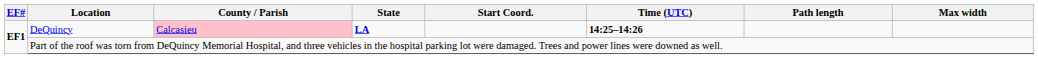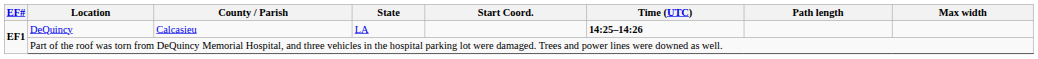 <table class="wikitable sortable" style="width:100%;">
 <tr>
 <th scope="col" width="2%" align="center"><a href='#'>EF#</a></th>
 <th scope="col" align="center" class="unsortable">Location</th>
 <th scope="col" align="center" class="unsortable">County / Parish</th>
 <th scope="col" align="center">State</th>
 <th scope="col" align="center" data-sort-type="number">Start Coord.</th>
 <th scope="col" align="center" data-sort-type="number">Time (<a href='#'>UTC</a>)</th>
 <th scope="col" align="center" data-sort-type="number">Path length</th>
 <th scope="col" align="center" data-sort-type="number">Max width</th>
 </tr>
 <tr>
 <td rowspan="2" align="center"><strong>EF1</strong></td>
 <td><a href='#'>DeQuincy</a></td>
-<td style="background: pink;"><a href='#'>Calcasieu</a></td>
-<td><strong><a href='#'>LA</a></strong></td>
+<td><a href='#'>Calcasieu</a></td>
+<td><a href='#'>LA</a></td>
 <td></td>
 <td><strong>14:25–14:26</strong></td>
 <td></td>
 <td></td>
 </tr>
 <tr class="expand-child">
 <td colspan="7" style=" border-bottom: 1px solid black;">Part of the roof was torn from DeQuincy Memorial Hospital, and three vehicles in the hospital parking lot were damaged. Trees and power lines were downed as well.</td>
 </tr>
 </table>
